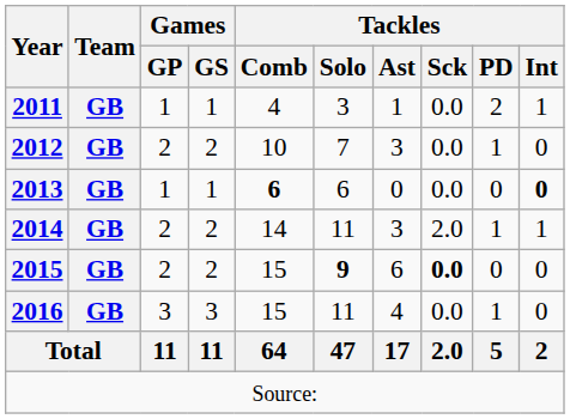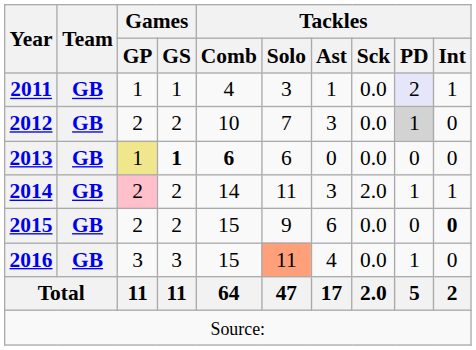 <table class=wikitable style="text-align:center;">
 <tr>
 <th rowspan="2">Year</th>
 <th rowspan="2">Team</th>
 <th colspan="2">Games</th>
 <th colspan="6">Tackles</th>
 </tr>
 <tr>
 <th>GP</th>
 <th>GS</th>
 <th>Comb</th>
 <th>Solo</th>
 <th>Ast</th>
 <th>Sck</th>
 <th>PD</th>
 <th>Int</th>
 </tr>
 <tr>
 <th><a href='#'>2011</a></th>
 <th><a href='#'>GB</a></th>
 <td>1</td>
 <td>1</td>
 <td>4</td>
 <td>3</td>
 <td>1</td>
 <td>0.0</td>
-<td>2</td>
+<td style="background: lavender;">2</td>
 <td>1</td>
 </tr>
 <tr>
 <th><a href='#'>2012</a></th>
 <th><a href='#'>GB</a></th>
 <td>2</td>
 <td>2</td>
 <td>10</td>
 <td>7</td>
 <td>3</td>
 <td>0.0</td>
-<td>1</td>
+<td style="background: lightgrey;">1</td>
 <td>0</td>
 </tr>
 <tr>
 <th><a href='#'>2013</a></th>
 <th><a href='#'>GB</a></th>
-<td>1</td>
-<td>1</td>
+<td style="background: khaki;">1</td>
+<td><strong>1</strong></td>
 <td><strong>6</strong></td>
 <td>6</td>
 <td>0</td>
 <td>0.0</td>
 <td>0</td>
-<td><strong>0</strong></td>
+<td>0</td>
 </tr>
 <tr>
 <th><a href='#'>2014</a></th>
 <th><a href='#'>GB</a></th>
-<td>2</td>
+<td style="background: pink;">2</td>
 <td>2</td>
 <td>14</td>
 <td>11</td>
 <td>3</td>
 <td>2.0</td>
 <td>1</td>
 <td>1</td>
 </tr>
 <tr>
 <th><a href='#'>2015</a></th>
 <th><a href='#'>GB</a></th>
 <td>2</td>
 <td>2</td>
 <td>15</td>
-<td><strong>9</strong></td>
+<td>9</td>
 <td>6</td>
-<td><strong>0.0</strong></td>
+<td>0.0</td>
 <td>0</td>
-<td>0</td>
+<td><strong>0</strong></td>
 </tr>
 <tr>
 <th><a href='#'>2016</a></th>
 <th><a href='#'>GB</a></th>
 <td>3</td>
 <td>3</td>
 <td>15</td>
-<td>11</td>
+<td style="background: lightsalmon;">11</td>
 <td>4</td>
 <td>0.0</td>
 <td>1</td>
 <td>0</td>
 </tr>
 <tr>
 <th colspan="2">Total</th>
 <th>11</th>
 <th>11</th>
 <th>64</th>
 <th>47</th>
 <th>17</th>
 <th>2.0</th>
 <th>5</th>
 <th>2</th>
 </tr>
 <tr>
 <td colspan="10"><small>Source: </small></td>
 </tr>
 </table>
